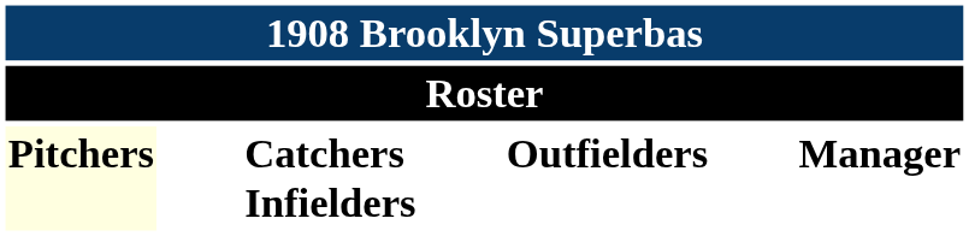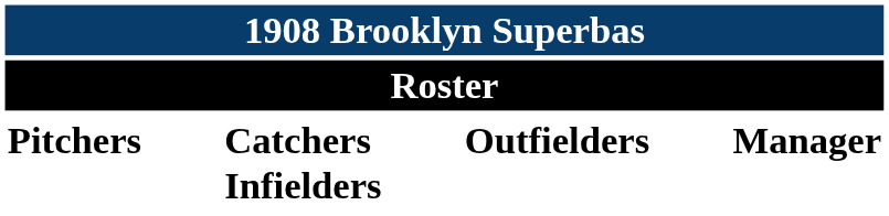 <table class="toccolours" style="font-size: 95%;">
 <tr>
 <th colspan="10" style="background-color: #083c6b; color: white; text-align: center;">1908 Brooklyn Superbas</th>
 </tr>
 <tr>
 <td colspan="10" style="background-color: black; color: white; text-align: center;"><strong>Roster</strong></td>
 </tr>
 <tr>
-<td valign="top" style="background: lightyellow;"><strong>Pitchers</strong><br>       </td>
+<td valign="top"><strong>Pitchers</strong><br>       </td>
 <td width="25px"></td>
 <td valign="top"><strong>Catchers</strong><br>    <strong>Infielders</strong>       </td>
 <td width="25px"></td>
 <td valign="top"><strong>Outfielders</strong><br>    </td>
 <td width="25px"></td>
 <td valign="top"><strong>Manager</strong><br></td>
 </tr>
 </table>
